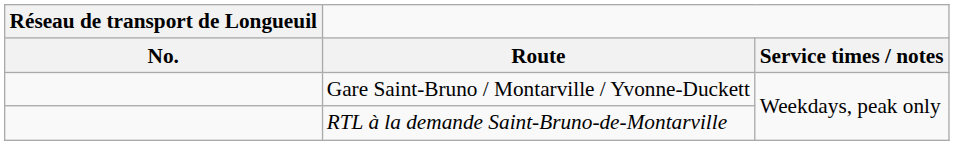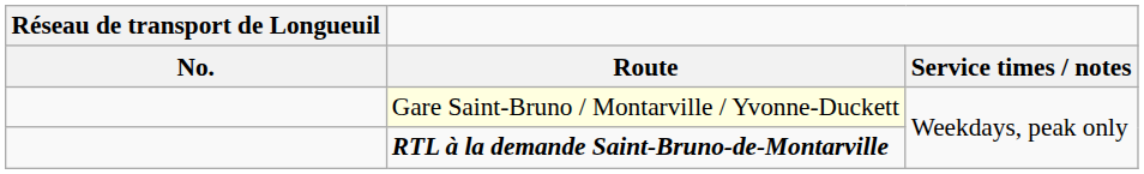 <table class="wikitable">
 <tr>
 <th style="background: #">Réseau de transport de Longueuil</th>
 </tr>
 <tr>
 <th>No.</th>
 <th>Route</th>
 <th>Service times / notes</th>
 </tr>
 <tr>
 <td> </td>
-<td>Gare Saint-Bruno / Montarville / Yvonne-Duckett</td>
+<td style="background: lightyellow;">Gare Saint-Bruno / Montarville / Yvonne-Duckett</td>
 <td rowspan=2>Weekdays, peak only</td>
 </tr>
 <tr>
 <td></td>
-<td><em>RTL à la demande Saint-Bruno-de-Montarville</em></td>
+<td><strong><em>RTL à la demande Saint-Bruno-de-Montarville</em></strong></td>
 </tr>
 </table>
